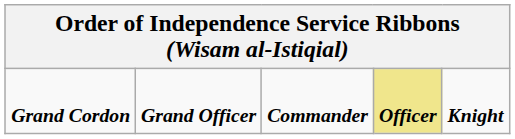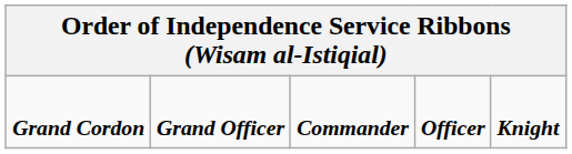 <table class="wikitable" style="margin: 1em auto;">
 <tr>
 <th colspan="5">Order of Independence Service Ribbons<br><em>(Wisam al-Istiqial)</em></th>
 </tr>
 <tr align="center">
 <td><br><em><small><strong>Grand Cordon</strong></small></em></td>
 <td><br><em><small><strong>Grand Officer</strong></small></em></td>
 <td><br><em><small><strong>Commander</strong></small></em></td>
-<td style="background: khaki;"><br><em><small><strong>Officer</strong></small></em></td>
+<td><br><em><small><strong>Officer</strong></small></em></td>
 <td><br><em><small><strong>Knight</strong></small></em></td>
 </tr>
 </table>
